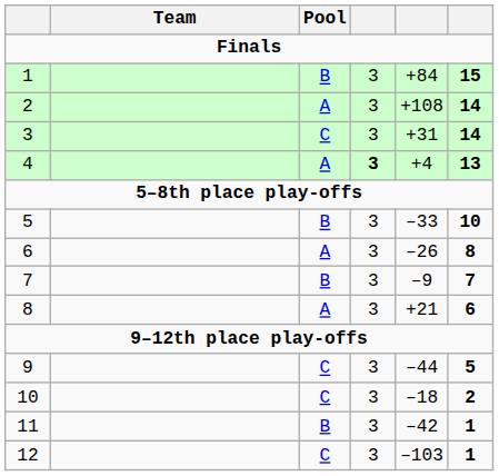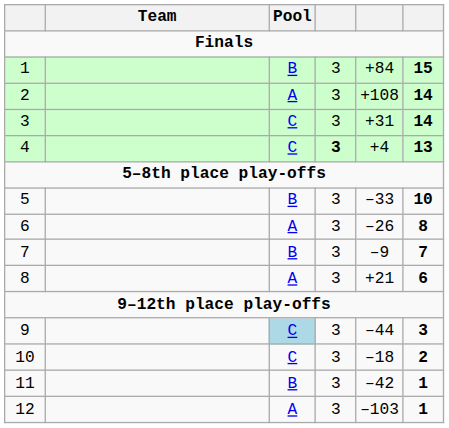 <table class="wikitable" style="font-size: 95%; text-align: center;">
 <tr>
 <th width=25></th>
 <th width=165>Team</th>
 <th width=25>Pool</th>
 <th width=25></th>
 <th width=28></th>
 <th width=25></th>
 </tr>
 <tr>
 <td colspan="15"><strong>Finals</strong></td>
 </tr>
 <tr style="background:#ccffcc;">
 <td>1</td>
 <td style="text-align:left;"></td>
 <td><a href='#'>B</a></td>
 <td>3</td>
 <td>+84</td>
 <td><strong>15</strong></td>
 </tr>
 <tr style="background:#ccffcc;">
 <td>2</td>
 <td style="text-align:left;"></td>
 <td><a href='#'>A</a></td>
 <td>3</td>
 <td>+108</td>
 <td><strong>14</strong></td>
 </tr>
 <tr style="background:#ccffcc;">
 <td>3</td>
 <td style="text-align:left;"></td>
 <td><a href='#'>C</a></td>
 <td>3</td>
 <td>+31</td>
 <td><strong>14</strong></td>
 </tr>
 <tr style="background:#ccffcc;">
 <td>4</td>
 <td style="text-align:left;"></td>
-<td><a href='#'>A</a></td>
+<td><a href='#'>C</a></td>
 <td><strong>3</strong></td>
 <td>+4</td>
 <td><strong>13</strong></td>
 </tr>
 <tr>
 <td colspan="15"><strong>5–8th place play-offs</strong></td>
 </tr>
 <tr>
 <td>5</td>
 <td style="text-align:left;"></td>
 <td><a href='#'>B</a></td>
 <td>3</td>
 <td>–33</td>
 <td><strong>10</strong></td>
 </tr>
 <tr>
 <td>6</td>
 <td style="text-align:left;"></td>
 <td><a href='#'>A</a></td>
 <td>3</td>
 <td>–26</td>
 <td><strong>8</strong></td>
 </tr>
 <tr>
 <td>7</td>
 <td style="text-align:left;"></td>
 <td><a href='#'>B</a></td>
 <td>3</td>
 <td>–9</td>
 <td><strong>7</strong></td>
 </tr>
 <tr>
 <td>8</td>
 <td style="text-align:left;"></td>
 <td><a href='#'>A</a></td>
 <td>3</td>
 <td>+21</td>
 <td><strong>6</strong></td>
 </tr>
 <tr>
 <td colspan="15"><strong>9–12th place play-offs</strong></td>
 </tr>
 <tr>
 <td>9</td>
 <td style="text-align:left;"></td>
-<td><a href='#'>C</a></td>
+<td style="background: lightblue;"><a href='#'>C</a></td>
 <td>3</td>
 <td>–44</td>
-<td><strong>5</strong></td>
+<td><strong>3</strong></td>
 </tr>
 <tr>
 <td>10</td>
 <td style="text-align:left;"></td>
 <td><a href='#'>C</a></td>
 <td>3</td>
 <td>–18</td>
 <td><strong>2</strong></td>
 </tr>
 <tr>
 <td>11</td>
 <td style="text-align:left;"></td>
 <td><a href='#'>B</a></td>
 <td>3</td>
 <td>–42</td>
 <td><strong>1</strong></td>
 </tr>
 <tr>
 <td>12</td>
 <td style="text-align:left;"></td>
-<td><a href='#'>C</a></td>
+<td><a href='#'>A</a></td>
 <td>3</td>
 <td>–103</td>
 <td><strong>1</strong></td>
 </tr>
 </table>
